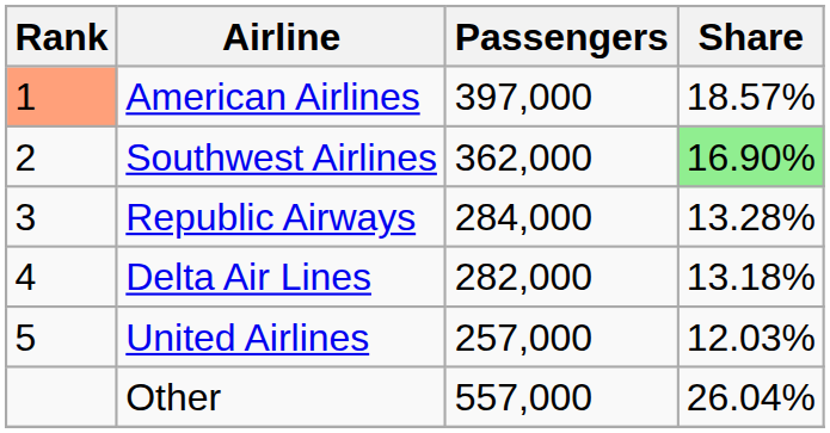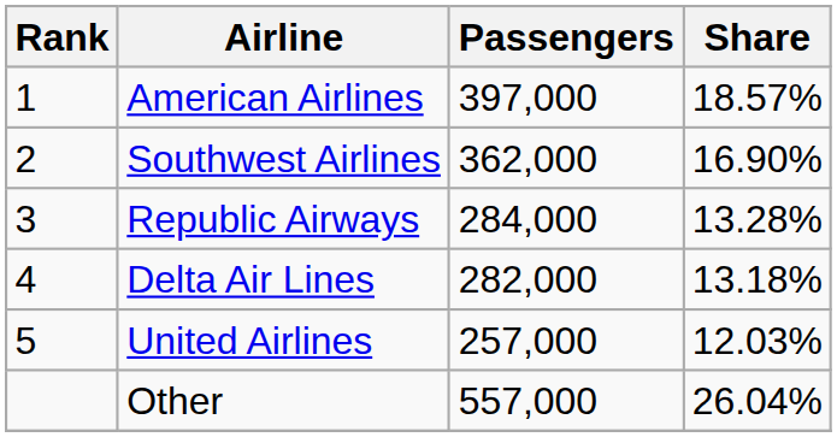 <table class="wikitable sortable" style="font-size: 95%">
 <tr>
 <th>Rank</th>
 <th>Airline</th>
 <th>Passengers</th>
 <th>Share</th>
 </tr>
 <tr>
-<td style="background: lightsalmon;">1</td>
+<td>1</td>
 <td><a href='#'>American Airlines</a></td>
 <td>397,000</td>
 <td>18.57%</td>
 </tr>
 <tr>
 <td>2</td>
 <td><a href='#'>Southwest Airlines</a></td>
 <td>362,000</td>
-<td style="background: lightgreen;">16.90%</td>
+<td>16.90%</td>
 </tr>
 <tr>
 <td>3</td>
 <td><a href='#'>Republic Airways</a></td>
 <td>284,000</td>
 <td>13.28%</td>
 </tr>
 <tr>
 <td>4</td>
 <td><a href='#'>Delta Air Lines</a></td>
 <td>282,000</td>
 <td>13.18%</td>
 </tr>
 <tr>
 <td>5</td>
 <td><a href='#'>United Airlines</a></td>
 <td>257,000</td>
 <td>12.03%</td>
 </tr>
 <tr>
 <td></td>
 <td>Other</td>
 <td>557,000</td>
 <td>26.04%</td>
 </tr>
 <tr>
 </tr>
 </table>
